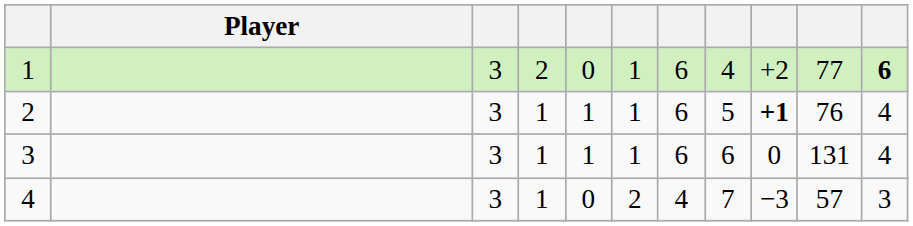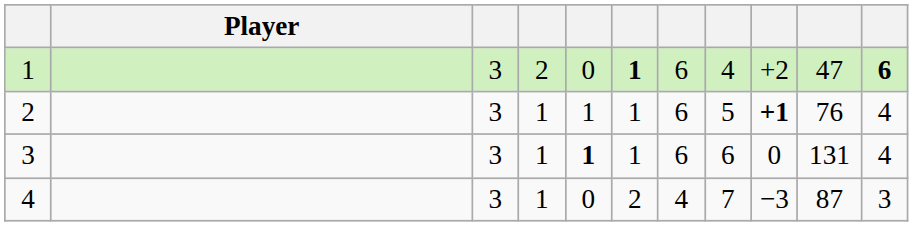 <table class="wikitable" style="text-align:center; margin: 1em auto 1em auto, align:left">
 <tr>
 <th width=20></th>
 <th width=240>Player</th>
 <th width=20></th>
 <th width=20></th>
 <th width=20></th>
 <th width=20></th>
 <th width=20></th>
 <th width=20></th>
 <th width=20></th>
 <th width=30></th>
 <th width=20></th>
 </tr>
 <tr style="background:#D0F0C0;">
 <td>1</td>
 <td align=left></td>
 <td>3</td>
 <td>2</td>
 <td>0</td>
-<td>1</td>
+<td><strong>1</strong></td>
 <td>6</td>
 <td>4</td>
 <td>+2</td>
-<td>77</td>
+<td>47</td>
 <td><strong>6</strong></td>
 </tr>
 <tr style=>
 <td>2</td>
 <td align=left></td>
 <td>3</td>
 <td>1</td>
 <td>1</td>
 <td>1</td>
 <td>6</td>
 <td>5</td>
 <td><strong>+1</strong></td>
 <td>76</td>
 <td>4</td>
 </tr>
 <tr style=>
 <td>3</td>
 <td align=left></td>
 <td>3</td>
 <td>1</td>
-<td>1</td>
+<td><strong>1</strong></td>
 <td>1</td>
 <td>6</td>
 <td>6</td>
 <td>0</td>
 <td>131</td>
 <td>4</td>
 </tr>
 <tr style=>
 <td>4</td>
 <td align=left></td>
 <td>3</td>
 <td>1</td>
 <td>0</td>
 <td>2</td>
 <td>4</td>
 <td>7</td>
 <td>−3</td>
-<td>57</td>
+<td>87</td>
 <td>3</td>
 </tr>
 </table>
